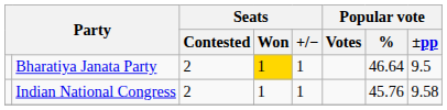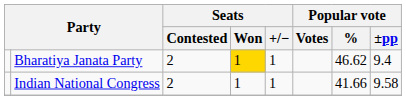 <table class="wikitable">
 <tr>
 <th colspan=2 rowspan="2">Party</th>
 <th colspan="3">Seats</th>
 <th colspan="3">Popular vote</th>
 </tr>
 <tr>
 <th>Contested</th>
 <th>Won</th>
 <th><strong>+/−</strong></th>
 <th>Votes</th>
 <th>%</th>
 <th>±<a href='#'>pp</a></th>
 </tr>
 <tr>
 <td style="background-color:"></td>
 <td style="text-align:left;"><a href='#'>Bharatiya Janata Party</a></td>
 <td>2</td>
 <td style="background: gold;">1</td>
 <td>1</td>
 <td></td>
-<td>46.64</td>
-<td>9.5</td>
+<td>46.62</td>
+<td>9.4</td>
 </tr>
 <tr>
 <td style="background-color:"></td>
 <td style="text-align:left;"><a href='#'>Indian National Congress</a></td>
 <td>2</td>
 <td>1</td>
 <td>1</td>
 <td></td>
-<td>45.76</td>
+<td>41.66</td>
 <td>9.58</td>
 </tr>
 <tr>
 </tr>
 </table>
